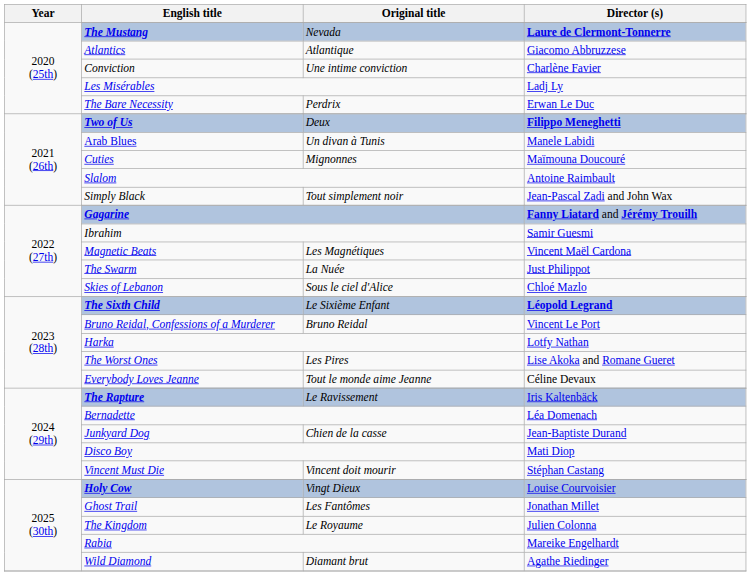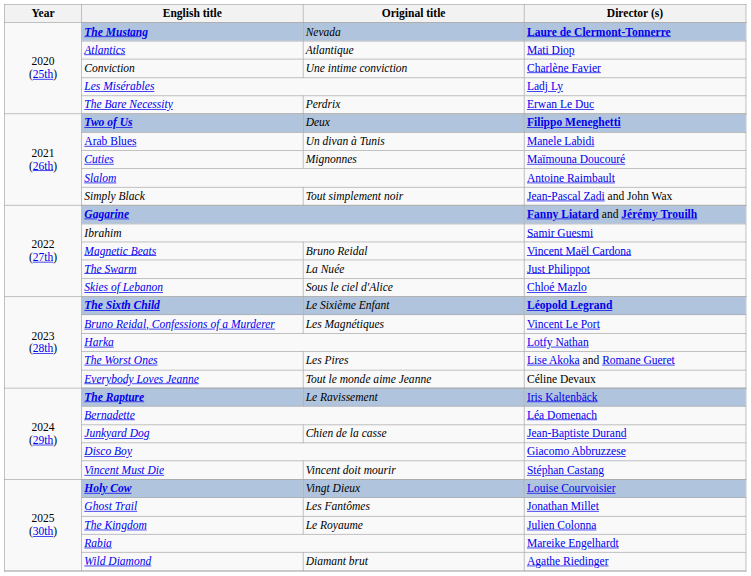 <table class="wikitable">
 <tr>
 <th width="100"><strong>Year</strong></th>
 <th width="300"><strong>English title</strong></th>
 <th width="300"><strong>Original title</strong></th>
 <th width="300"><strong>Director (s)</strong></th>
 </tr>
 <tr>
 <td rowspan="6" style="text-align:center;">2020<br>(<a href='#'>25th</a>)</td>
 </tr>
 <tr style="background:#B0C4DE;">
 <td><strong><em><a href='#'>The Mustang</a></em></strong></td>
 <td><em>Nevada</em></td>
 <td><strong><a href='#'>Laure de Clermont-Tonnerre</a></strong></td>
 </tr>
 <tr>
 <td><em><a href='#'>Atlantics</a></em></td>
 <td><em>Atlantique</em></td>
-<td><a href='#'>Giacomo Abbruzzese</a></td>
+<td><a href='#'>Mati Diop</a></td>
 </tr>
 <tr>
 <td><em>Conviction</em></td>
 <td><em>Une intime conviction</em></td>
 <td><a href='#'>Charlène Favier</a></td>
 </tr>
 <tr>
 <td colspan="2"><em><a href='#'>Les Misérables</a></em></td>
 <td><a href='#'>Ladj Ly</a></td>
 </tr>
 <tr>
 <td><em><a href='#'>The Bare Necessity</a></em></td>
 <td><em>Perdrix</em></td>
 <td><a href='#'>Erwan Le Duc</a></td>
 </tr>
 <tr>
 <td rowspan="6" style="text-align:center;">2021<br>(<a href='#'>26th</a>)</td>
 </tr>
 <tr style="background:#B0C4DE;">
 <td><strong><em><a href='#'>Two of Us</a></em></strong></td>
 <td><em>Deux</em></td>
 <td><strong><a href='#'>Filippo Meneghetti</a></strong></td>
 </tr>
 <tr>
 <td><a href='#'>Arab Blues</a></td>
 <td><em>Un divan à Tunis</em></td>
 <td><a href='#'>Manele Labidi</a></td>
 </tr>
 <tr>
 <td><em><a href='#'>Cuties</a></em></td>
 <td><em>Mignonnes</em></td>
 <td><a href='#'>Maïmouna Doucouré</a></td>
 </tr>
 <tr>
 <td colspan="2"><em><a href='#'>Slalom</a></em></td>
 <td><a href='#'>Antoine Raimbault</a></td>
 </tr>
 <tr>
 <td><em>Simply Black</em></td>
 <td><em>Tout simplement noir</em></td>
 <td><a href='#'>Jean-Pascal Zadi</a> and John Wax</td>
 </tr>
 <tr>
 <td rowspan="6" style="text-align:center;">2022<br>(<a href='#'>27th</a>)</td>
 </tr>
 <tr style="background:#B0C4DE;">
 <td colspan="2"><strong><em><a href='#'>Gagarine</a></em></strong></td>
 <td><strong><a href='#'>Fanny Liatard</a></strong> and <strong><a href='#'>Jérémy Trouilh</a></strong></td>
 </tr>
 <tr>
 <td colspan="2"><em>Ibrahim</em></td>
 <td><a href='#'>Samir Guesmi</a></td>
 </tr>
 <tr>
 <td><em><a href='#'>Magnetic Beats</a></em></td>
-<td><em>Les Magnétiques</em></td>
+<td><em>Bruno Reidal</em></td>
 <td><a href='#'>Vincent Maël Cardona</a></td>
 </tr>
 <tr>
 <td><em><a href='#'>The Swarm</a></em></td>
 <td><em>La Nuée</em></td>
 <td><a href='#'>Just Philippot</a></td>
 </tr>
 <tr>
 <td><em><a href='#'>Skies of Lebanon</a></em></td>
 <td><em>Sous le ciel d'Alice</em></td>
 <td><a href='#'>Chloé Mazlo</a></td>
 </tr>
 <tr>
 <td rowspan="6" style="text-align:center;">2023<br>(<a href='#'>28th</a>)</td>
 </tr>
 <tr style="background:#B0C4DE;">
 <td><strong><em><a href='#'>The Sixth Child</a></em></strong></td>
 <td><em>Le Sixième Enfant</em></td>
 <td><strong><a href='#'>Léopold Legrand</a></strong></td>
 </tr>
 <tr>
 <td><em><a href='#'>Bruno Reidal, Confessions of a Murderer</a></em></td>
-<td><em>Bruno Reidal</em></td>
+<td><em>Les Magnétiques</em></td>
 <td><a href='#'>Vincent Le Port</a></td>
 </tr>
 <tr>
 <td colspan="2"><em><a href='#'>Harka</a></em></td>
 <td><a href='#'>Lotfy Nathan</a></td>
 </tr>
 <tr>
 <td><em><a href='#'>The Worst Ones</a></em></td>
 <td><em>Les Pires</em></td>
 <td><a href='#'>Lise Akoka</a> and <a href='#'>Romane Gueret</a></td>
 </tr>
 <tr>
 <td><em><a href='#'>Everybody Loves Jeanne</a></em></td>
 <td><em>Tout le monde aime Jeanne</em></td>
 <td>Céline Devaux</td>
 </tr>
 <tr>
 <td rowspan="6" style="text-align:center;">2024<br>(<a href='#'>29th</a>)</td>
 </tr>
 <tr style="background:#B0C4DE;">
 <td><strong><em><a href='#'>The Rapture</a></em></strong></td>
 <td><em>Le Ravissement</em></td>
 <td><a href='#'>Iris Kaltenbäck</a></td>
 </tr>
 <tr>
 <td colspan="2"><em><a href='#'>Bernadette</a></em></td>
 <td><a href='#'>Léa Domenach</a></td>
 </tr>
 <tr>
 <td><em><a href='#'>Junkyard Dog</a></em></td>
 <td><em>Chien de la casse</em></td>
 <td><a href='#'>Jean-Baptiste Durand</a></td>
 </tr>
 <tr>
 <td colspan="2"><em><a href='#'>Disco Boy</a></em></td>
-<td><a href='#'>Mati Diop</a></td>
+<td><a href='#'>Giacomo Abbruzzese</a></td>
 </tr>
 <tr>
 <td><em><a href='#'>Vincent Must Die</a></em></td>
 <td><em>Vincent doit mourir</em></td>
 <td><a href='#'>Stéphan Castang</a></td>
 </tr>
 <tr>
 <td rowspan="6" style="text-align:center;">2025<br>(<a href='#'>30th</a>)</td>
 </tr>
 <tr style="background:#B0C4DE;">
 <td><strong><em><a href='#'>Holy Cow</a></em></strong></td>
 <td><em>Vingt Dieux</em></td>
 <td><a href='#'>Louise Courvoisier</a></td>
 </tr>
 <tr>
 <td><em><a href='#'>Ghost Trail</a></em></td>
 <td><em>Les Fantômes</em></td>
 <td><a href='#'>Jonathan Millet</a></td>
 </tr>
 <tr>
 <td><em><a href='#'>The Kingdom</a></em></td>
 <td><em>Le Royaume</em></td>
 <td><a href='#'>Julien Colonna</a></td>
 </tr>
 <tr>
 <td colspan="2"><em><a href='#'>Rabia</a></em></td>
 <td><a href='#'>Mareike Engelhardt</a></td>
 </tr>
 <tr>
 <td><em><a href='#'>Wild Diamond</a></em></td>
 <td><em>Diamant brut</em></td>
 <td><a href='#'>Agathe Riedinger</a></td>
 </tr>
 <tr>
 </tr>
 </table>
